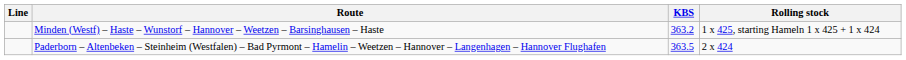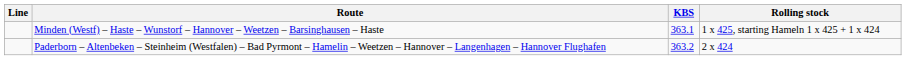 <table class="wikitable" style="font-size:91%; width:100%;">
 <tr class="hintergrundfarbe5">
 <th>Line</th>
 <th>Route</th>
 <th><a href='#'>KBS</a></th>
 <th>Rolling stock</th>
 </tr>
 <tr>
 <td style="font-size:111%;"></td>
 <td><a href='#'>Minden (Westf)</a> – <a href='#'>Haste</a> – <a href='#'>Wunstorf</a> – <a href='#'>Hannover</a> – <a href='#'>Weetzen</a> – <a href='#'>Barsinghausen</a> – Haste</td>
-<td><a href='#'>363.2</a></td>
+<td><a href='#'>363.1</a></td>
 <td>1 x <a href='#'>425</a>, starting Hameln 1 x 425 + 1 x 424</td>
 </tr>
 <tr>
 <td style="font-size:111%;"></td>
 <td><a href='#'>Paderborn</a> – <a href='#'>Altenbeken</a> – Steinheim (Westfalen) – Bad Pyrmont – <a href='#'>Hamelin</a> – Weetzen – Hannover – <a href='#'>Langenhagen</a> – <a href='#'>Hannover Flughafen</a></td>
-<td><a href='#'>363.5</a></td>
+<td><a href='#'>363.2</a></td>
 <td>2 x <a href='#'>424</a></td>
 </tr>
 </table>
